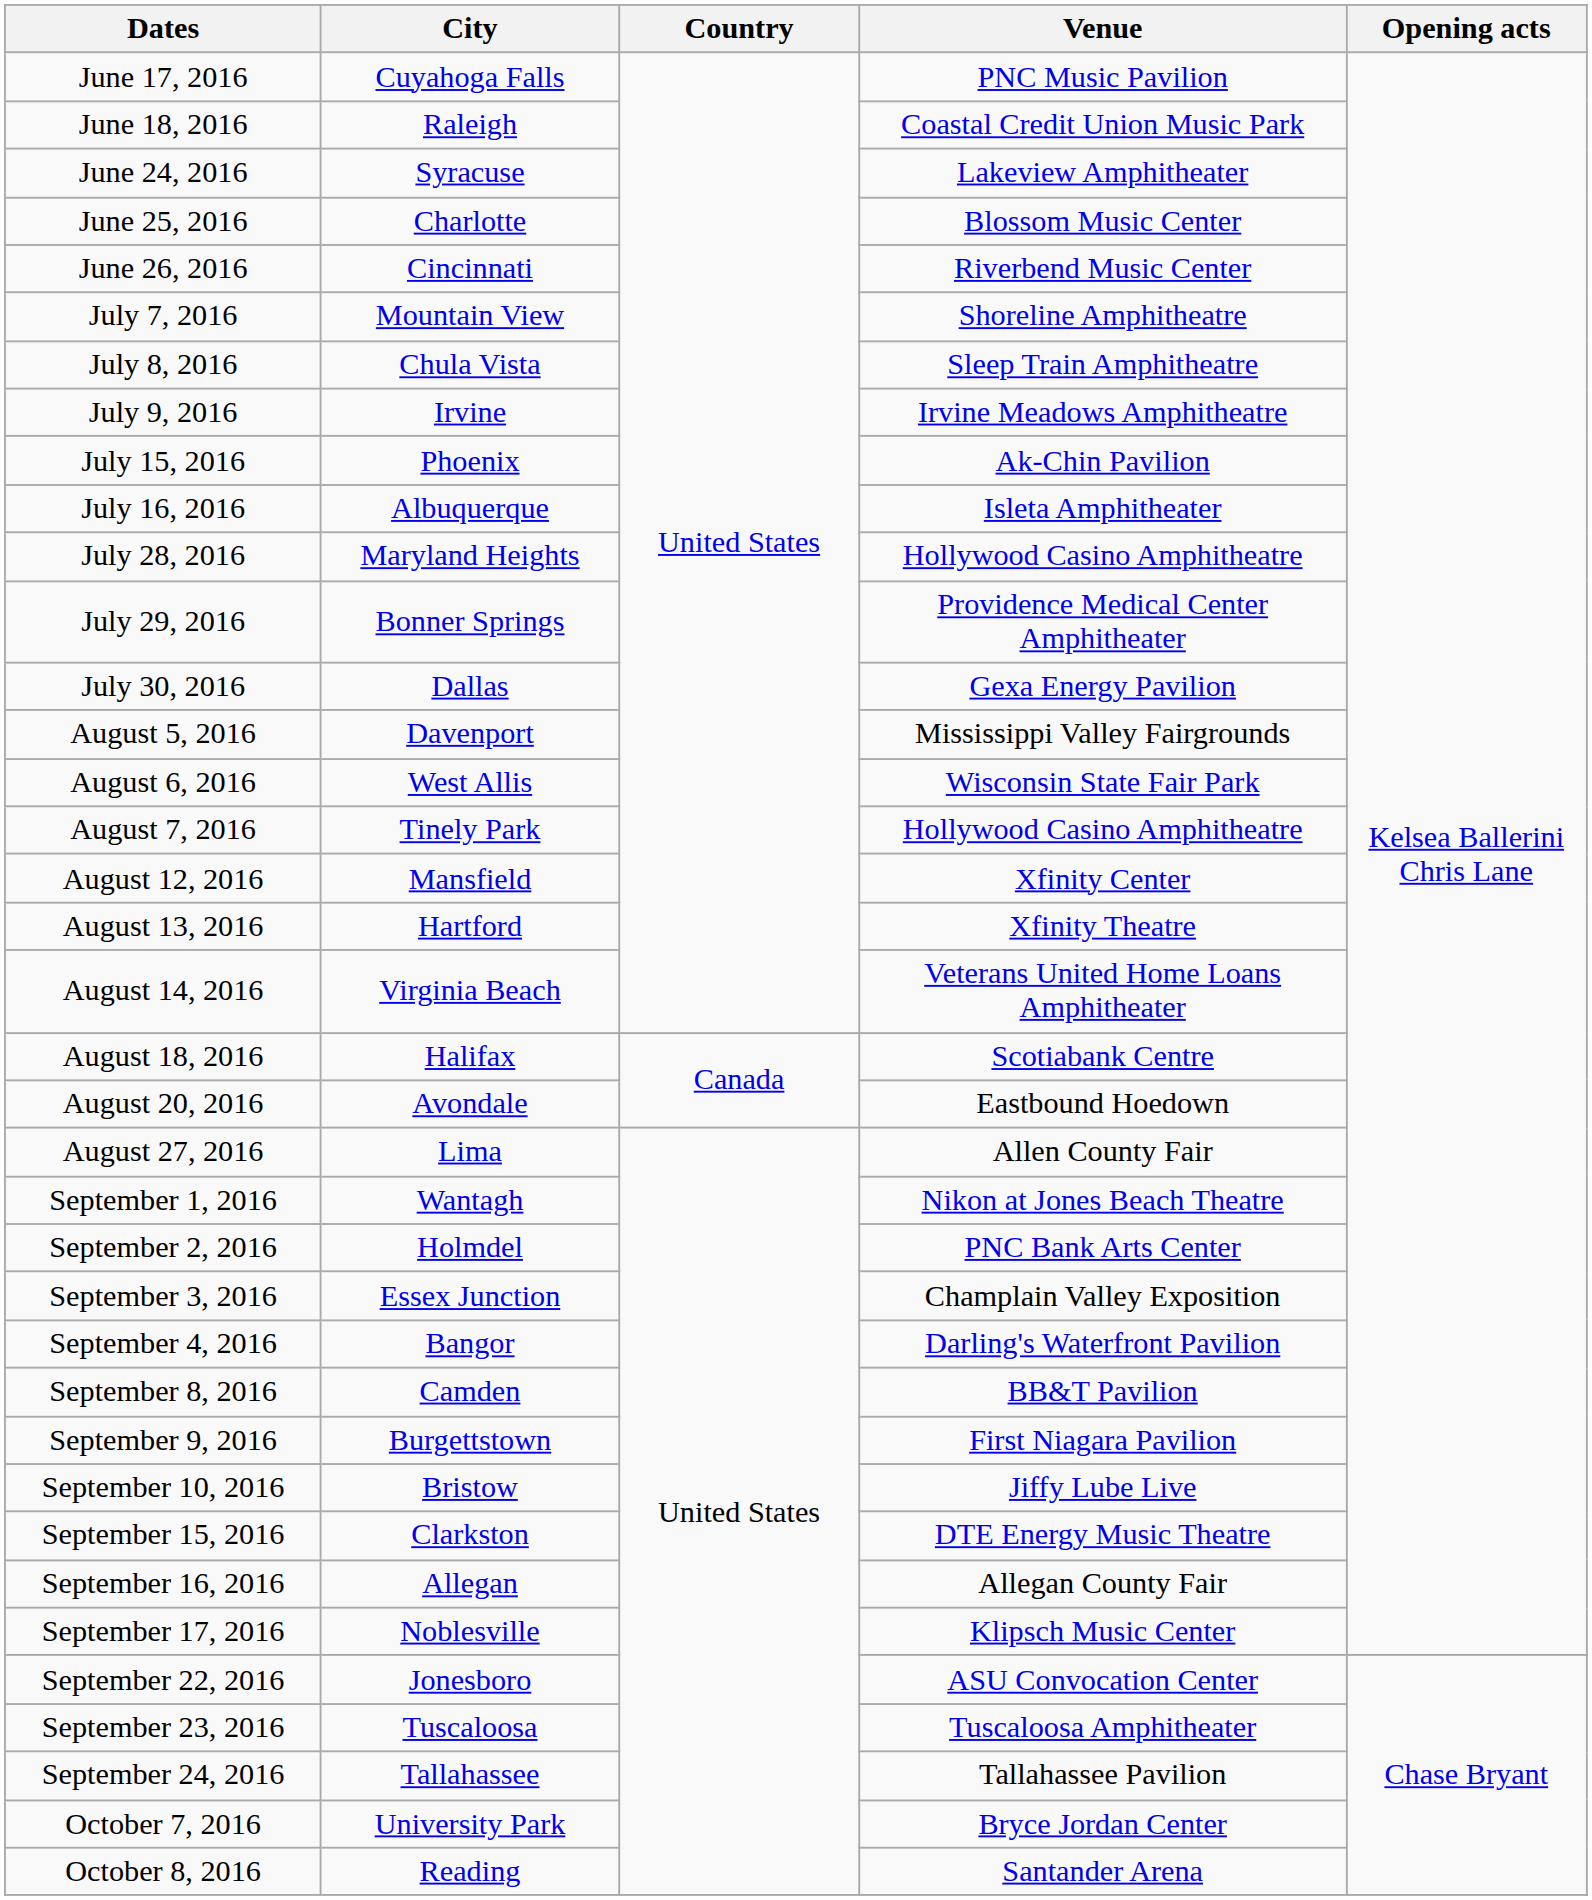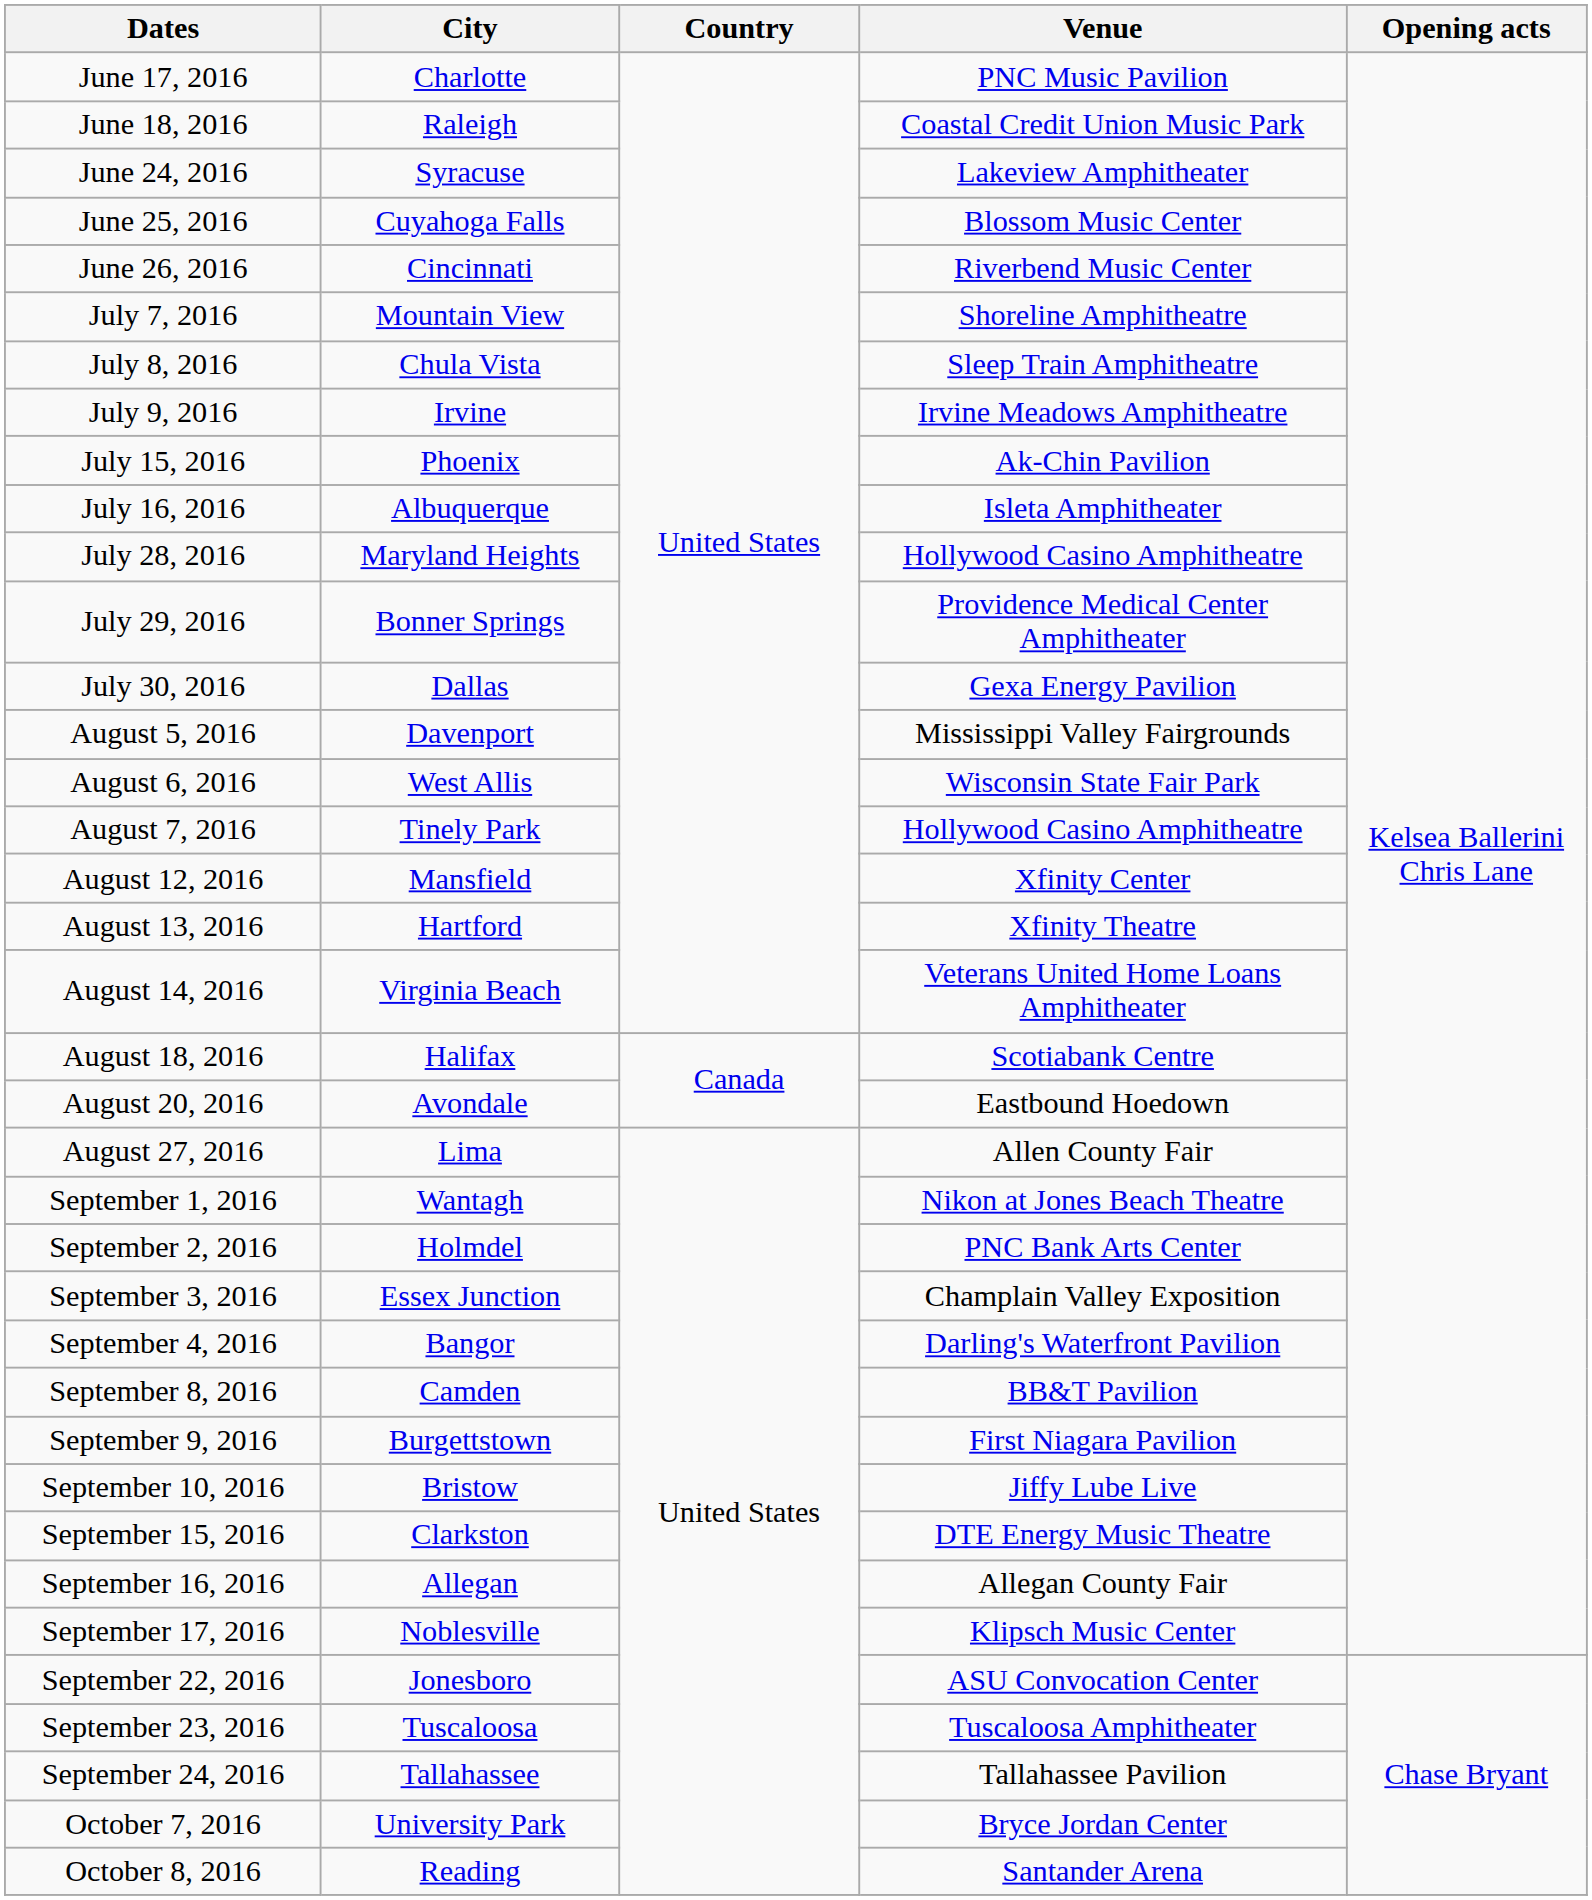 <table class="wikitable" style="text-align:center;">
 <tr>
 <th style="width:160px;">Dates</th>
 <th style="width:150px;">City</th>
 <th style="width:120px;">Country</th>
 <th style="width:250px;">Venue</th>
 <th style="width:120px;">Opening acts</th>
 </tr>
 <tr>
 <td>June 17, 2016</td>
-<td><a href='#'>Cuyahoga Falls</a></td>
+<td><a href='#'>Charlotte</a></td>
 <td rowspan="19"><a href='#'>United States</a></td>
 <td><a href='#'>PNC Music Pavilion</a></td>
 <td rowspan="32"><a href='#'>Kelsea Ballerini</a><br><a href='#'>Chris Lane</a></td>
 </tr>
 <tr>
 <td>June 18, 2016</td>
 <td><a href='#'>Raleigh</a></td>
 <td><a href='#'>Coastal Credit Union Music Park</a></td>
 </tr>
 <tr>
 <td>June 24, 2016</td>
 <td><a href='#'>Syracuse</a></td>
 <td><a href='#'>Lakeview Amphitheater</a></td>
 </tr>
 <tr>
 <td>June 25, 2016</td>
-<td><a href='#'>Charlotte</a></td>
+<td><a href='#'>Cuyahoga Falls</a></td>
 <td><a href='#'>Blossom Music Center</a></td>
 </tr>
 <tr>
 <td>June 26, 2016</td>
 <td><a href='#'>Cincinnati</a></td>
 <td><a href='#'>Riverbend Music Center</a></td>
 </tr>
 <tr>
 <td>July 7, 2016</td>
 <td><a href='#'>Mountain View</a></td>
 <td><a href='#'>Shoreline Amphitheatre</a></td>
 </tr>
 <tr>
 <td>July 8, 2016</td>
 <td><a href='#'>Chula Vista</a></td>
 <td><a href='#'>Sleep Train Amphitheatre</a></td>
 </tr>
 <tr>
 <td>July 9, 2016</td>
 <td><a href='#'>Irvine</a></td>
 <td><a href='#'>Irvine Meadows Amphitheatre</a></td>
 </tr>
 <tr>
 <td>July 15, 2016</td>
 <td><a href='#'>Phoenix</a></td>
 <td><a href='#'>Ak-Chin Pavilion</a></td>
 </tr>
 <tr>
 <td>July 16, 2016</td>
 <td><a href='#'>Albuquerque</a></td>
 <td><a href='#'>Isleta Amphitheater</a></td>
 </tr>
 <tr>
 <td>July 28, 2016</td>
 <td><a href='#'>Maryland Heights</a></td>
 <td><a href='#'>Hollywood Casino Amphitheatre</a></td>
 </tr>
 <tr>
 <td>July 29, 2016</td>
 <td><a href='#'>Bonner Springs</a></td>
 <td><a href='#'>Providence Medical Center Amphitheater</a></td>
 </tr>
 <tr>
 <td>July 30, 2016</td>
 <td><a href='#'>Dallas</a></td>
 <td><a href='#'>Gexa Energy Pavilion</a></td>
 </tr>
 <tr>
 <td>August 5, 2016</td>
 <td><a href='#'>Davenport</a></td>
 <td>Mississippi Valley Fairgrounds</td>
 </tr>
 <tr>
 <td>August 6, 2016</td>
 <td><a href='#'>West Allis</a></td>
 <td><a href='#'>Wisconsin State Fair Park</a></td>
 </tr>
 <tr>
 <td>August 7, 2016</td>
 <td><a href='#'>Tinely Park</a></td>
 <td><a href='#'>Hollywood Casino Amphitheatre</a></td>
 </tr>
 <tr>
 <td>August 12, 2016</td>
 <td><a href='#'>Mansfield</a></td>
 <td><a href='#'>Xfinity Center</a></td>
 </tr>
 <tr>
 <td>August 13, 2016</td>
 <td><a href='#'>Hartford</a></td>
 <td><a href='#'>Xfinity Theatre</a></td>
 </tr>
 <tr>
 <td>August 14, 2016</td>
 <td><a href='#'>Virginia Beach</a></td>
 <td><a href='#'>Veterans United Home Loans Amphitheater</a></td>
 </tr>
 <tr>
 <td>August 18, 2016</td>
 <td><a href='#'>Halifax</a></td>
 <td rowspan="2"><a href='#'>Canada</a></td>
 <td><a href='#'>Scotiabank Centre</a></td>
 </tr>
 <tr>
 <td>August 20, 2016</td>
 <td><a href='#'>Avondale</a></td>
 <td>Eastbound Hoedown</td>
 </tr>
 <tr>
 <td>August 27, 2016</td>
 <td><a href='#'>Lima</a></td>
 <td rowspan="16">United States</td>
 <td>Allen County Fair</td>
 </tr>
 <tr>
 <td>September 1, 2016</td>
 <td><a href='#'>Wantagh</a></td>
 <td><a href='#'>Nikon at Jones Beach Theatre</a></td>
 </tr>
 <tr>
 <td>September 2, 2016</td>
 <td><a href='#'>Holmdel</a></td>
 <td><a href='#'>PNC Bank Arts Center</a></td>
 </tr>
 <tr>
 <td>September 3, 2016</td>
 <td><a href='#'>Essex Junction</a></td>
 <td>Champlain Valley Exposition</td>
 </tr>
 <tr>
 <td>September 4, 2016</td>
 <td><a href='#'>Bangor</a></td>
 <td><a href='#'>Darling's Waterfront Pavilion</a></td>
 </tr>
 <tr>
 <td>September 8, 2016</td>
 <td><a href='#'>Camden</a></td>
 <td><a href='#'>BB&T Pavilion</a></td>
 </tr>
 <tr>
 <td>September 9, 2016</td>
 <td><a href='#'>Burgettstown</a></td>
 <td><a href='#'>First Niagara Pavilion</a></td>
 </tr>
 <tr>
 <td>September 10, 2016</td>
 <td><a href='#'>Bristow</a></td>
 <td><a href='#'>Jiffy Lube Live</a></td>
 </tr>
 <tr>
 <td>September 15, 2016</td>
 <td><a href='#'>Clarkston</a></td>
 <td><a href='#'>DTE Energy Music Theatre</a></td>
 </tr>
 <tr>
 <td>September 16, 2016</td>
 <td><a href='#'>Allegan</a></td>
 <td>Allegan County Fair</td>
 </tr>
 <tr>
 <td>September 17, 2016</td>
 <td><a href='#'>Noblesville</a></td>
 <td><a href='#'>Klipsch Music Center</a></td>
 </tr>
 <tr>
 <td>September 22, 2016</td>
 <td><a href='#'>Jonesboro</a></td>
 <td><a href='#'>ASU Convocation Center</a></td>
 <td rowspan="5"><a href='#'>Chase Bryant</a></td>
 </tr>
 <tr>
 <td>September 23, 2016</td>
 <td><a href='#'>Tuscaloosa</a></td>
 <td><a href='#'>Tuscaloosa Amphitheater</a></td>
 </tr>
 <tr>
 <td>September 24, 2016</td>
 <td><a href='#'>Tallahassee</a></td>
 <td>Tallahassee Pavilion</td>
 </tr>
 <tr>
 <td>October 7, 2016</td>
 <td><a href='#'>University Park</a></td>
 <td><a href='#'>Bryce Jordan Center</a></td>
 </tr>
 <tr>
 <td>October 8, 2016</td>
 <td><a href='#'>Reading</a></td>
 <td><a href='#'>Santander Arena</a></td>
 </tr>
 </table>
